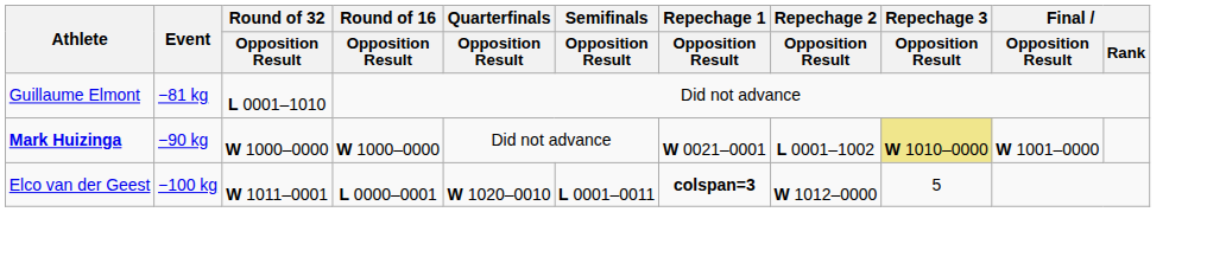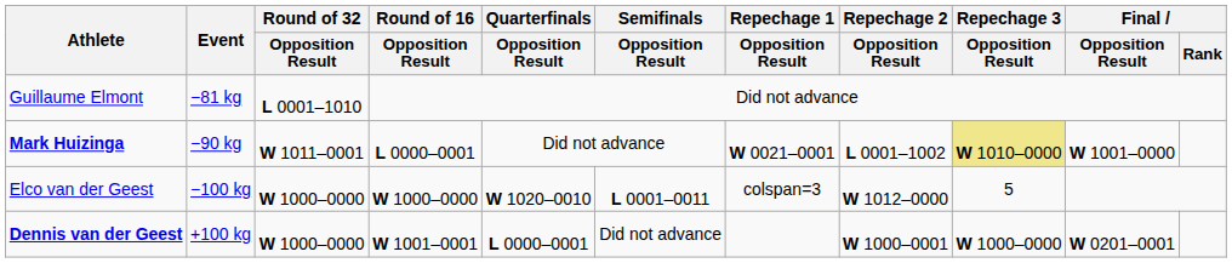 <table class="wikitable" style="font-size:90%">
 <tr>
 <th rowspan="2">Athlete</th>
 <th rowspan="2">Event</th>
 <th>Round of 32</th>
 <th>Round of 16</th>
 <th>Quarterfinals</th>
 <th>Semifinals</th>
 <th>Repechage 1</th>
 <th>Repechage 2</th>
 <th>Repechage 3</th>
 <th colspan=2>Final / </th>
 </tr>
 <tr style="font-size:95%">
 <th>Opposition<br>Result</th>
 <th>Opposition<br>Result</th>
 <th>Opposition<br>Result</th>
 <th>Opposition<br>Result</th>
 <th>Opposition<br>Result</th>
 <th>Opposition<br>Result</th>
 <th>Opposition<br>Result</th>
 <th>Opposition<br>Result</th>
 <th>Rank</th>
 </tr>
 <tr align=center>
 <td align=left><a href='#'>Guillaume Elmont</a></td>
 <td align=left><a href='#'>−81 kg</a></td>
 <td><br><strong>L</strong> 0001–1010</td>
 <td colspan=8>Did not advance</td>
 </tr>
 <tr align=center>
 <td align=left><strong><a href='#'>Mark Huizinga</a></strong></td>
 <td align=left><a href='#'>−90 kg</a></td>
-<td><br><strong>W</strong> 1000–0000</td>
-<td><br><strong>W</strong> 1000–0000</td>
+<td><br><strong>W</strong> 1011–0001</td>
+<td><br><strong>L</strong> 0000–0001</td>
 <td colspan=2>Did not advance</td>
 <td><br><strong>W</strong> 0021–0001</td>
 <td><br><strong>L</strong> 0001–1002</td>
 <td style="background: khaki;"><br><strong>W</strong> 1010–0000</td>
 <td><br><strong>W</strong> 1001–0000</td>
 <td></td>
 </tr>
 <tr align=center>
 <td align=left><a href='#'>Elco van der Geest</a></td>
 <td align=left><a href='#'>−100 kg</a></td>
-<td><br><strong>W</strong> 1011–0001</td>
-<td><br><strong>L</strong> 0000–0001</td>
+<td><br><strong>W</strong> 1000–0000</td>
+<td><br><strong>W</strong> 1000–0000</td>
 <td><br><strong>W</strong> 1020–0010</td>
 <td><br><strong>L</strong> 0001–0011</td>
-<td><strong>colspan=3 </strong></td>
+<td>colspan=3 </td>
 <td><br><strong>W</strong> 1012–0000</td>
 <td>5</td>
 </tr>
+<tr align=center>
+<td align=left><strong><a href='#'>Dennis van der Geest</a></strong></td>
+<td align=left><a href='#'>+100 kg</a></td>
+<td><br><strong>W</strong> 1000–0000</td>
+<td><br><strong>W</strong> 1001–0001</td>
+<td><br><strong>L</strong> 0000–0001</td>
+<td>Did not advance</td>
+<td></td>
+<td><br><strong>W</strong> 1000–0001</td>
+<td><br><strong>W</strong> 1000–0000</td>
+<td><br><strong>W</strong> 0201–0001</td>
+<td></td>
+</tr>
 </table>
